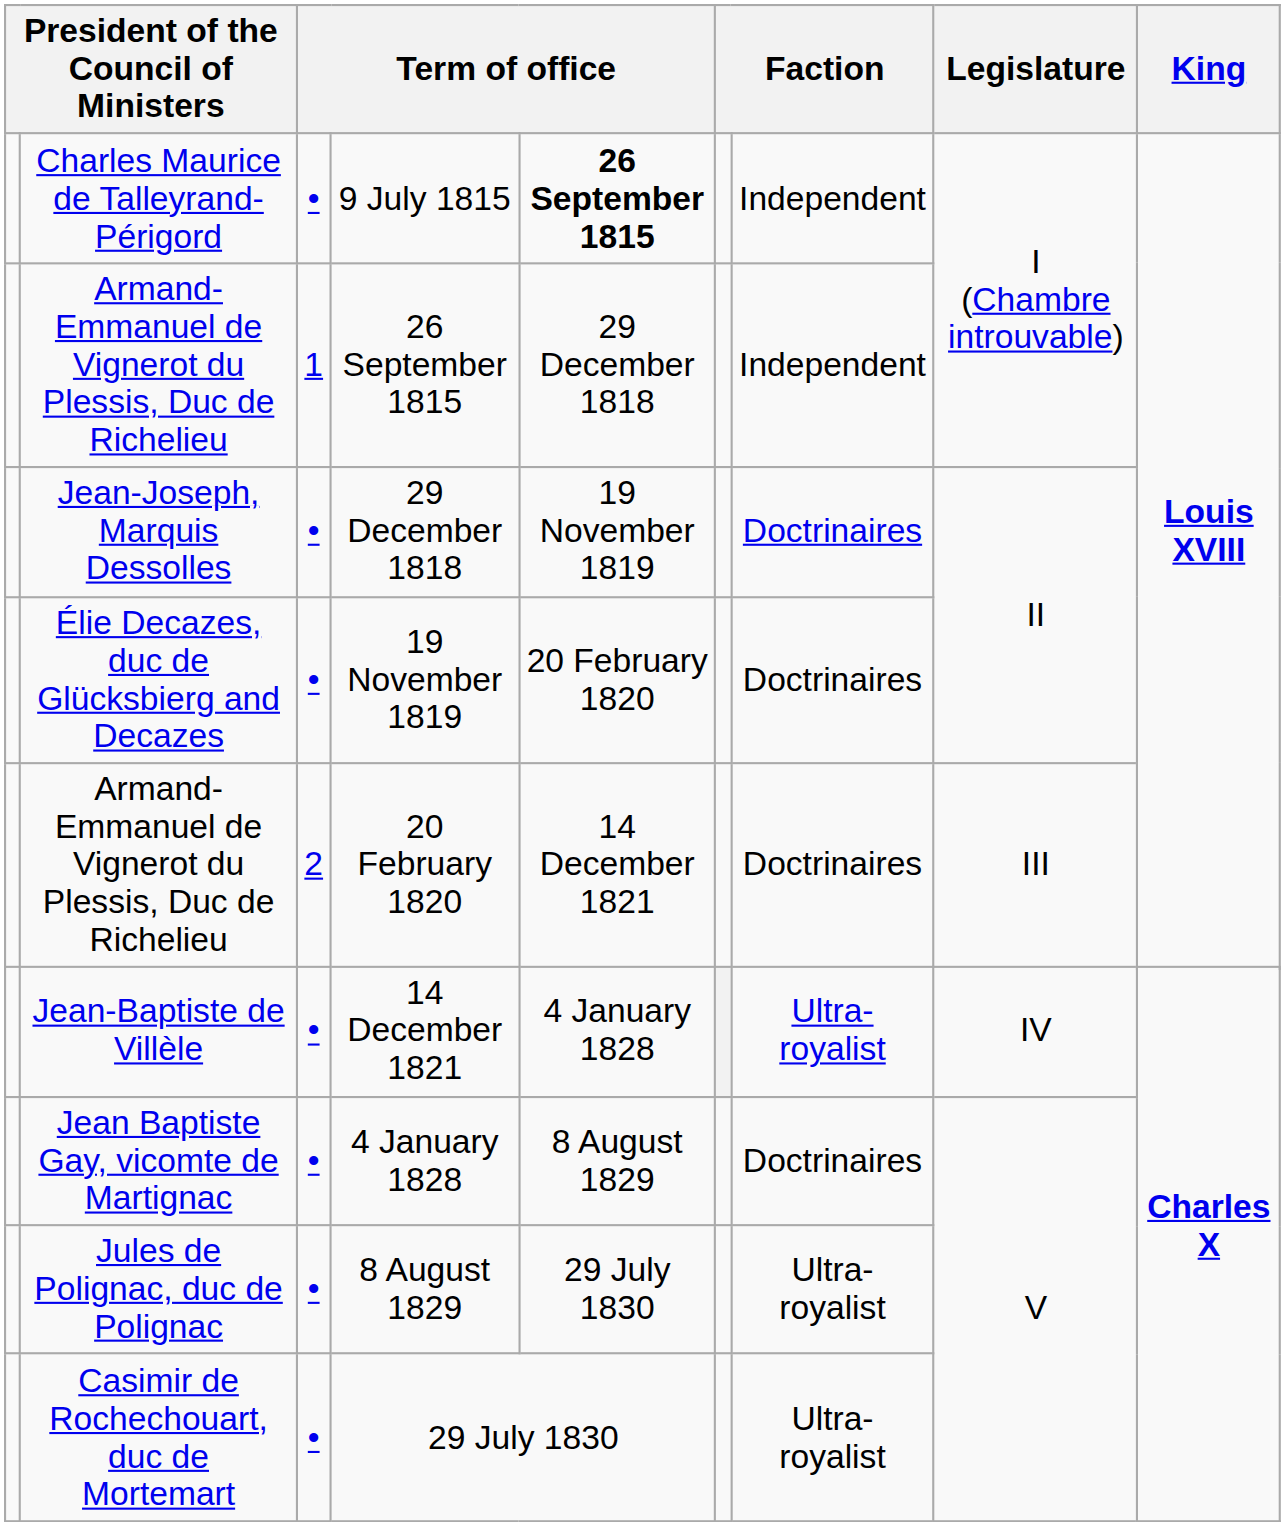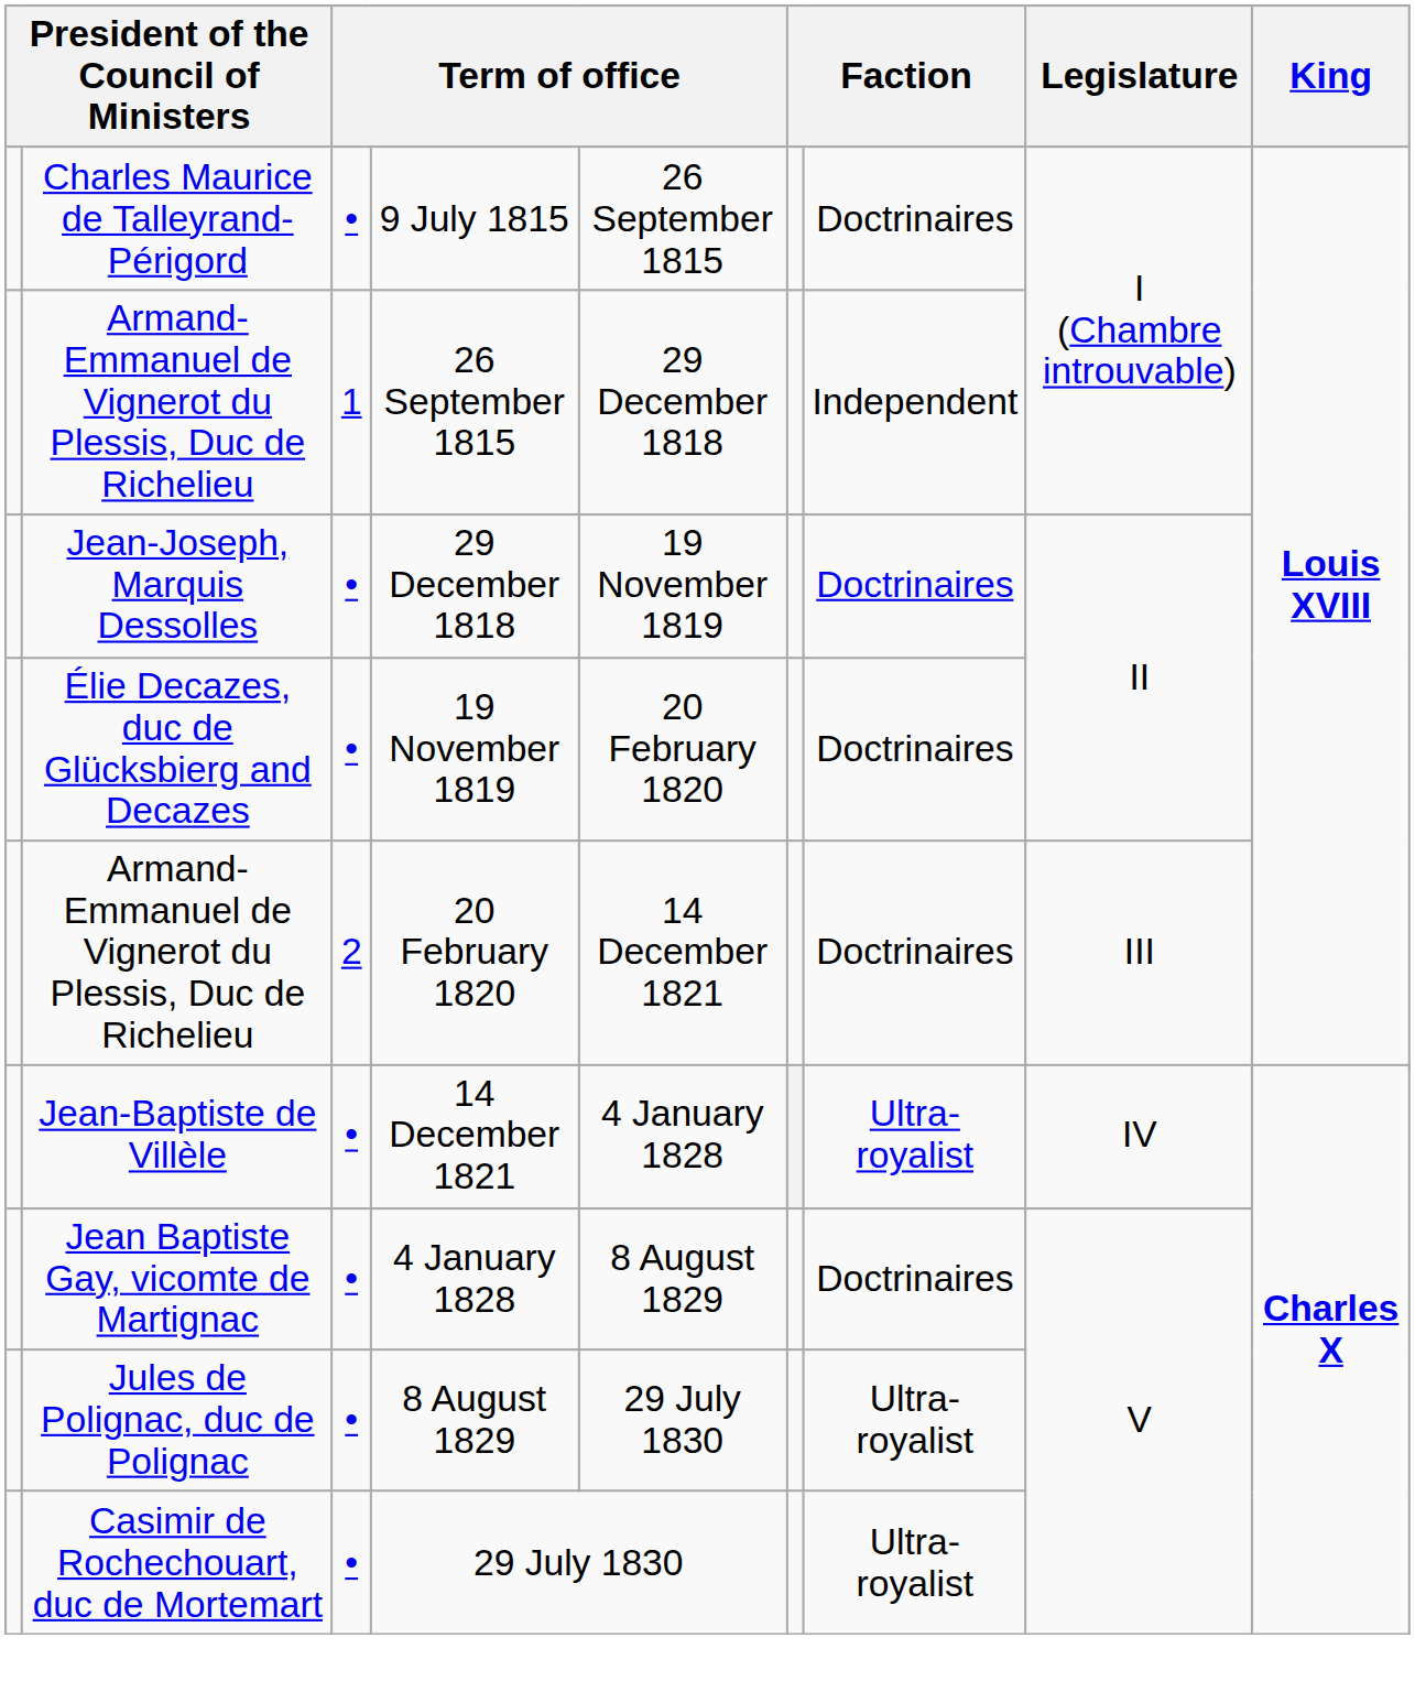 <table class="wikitable" style="text-align:center">
 <tr>
 <th colspan=2>President of the Council of Ministers<br></th>
 <th colspan=3>Term of office</th>
 <th colspan=2>Faction</th>
 <th>Legislature<br></th>
 <th><a href='#'>King</a><br></th>
 </tr>
 <tr>
 <td></td>
 <td><a href='#'>Charles Maurice de Talleyrand-Périgord</a><br></td>
 <td><a href='#'>•</a></td>
 <td>9 July 1815</td>
-<td><strong>26 September 1815</strong></td>
+<td>26 September 1815</td>
 <td style="background:"></td>
-<td>Independent</td>
+<td>Doctrinaires</td>
 <td rowspan=2>I<br>(<a href='#'>Chambre introuvable</a>)<br></td>
 <td rowspan=6><strong><a href='#'>Louis XVIII</a></strong><br><br></td>
 </tr>
 <tr>
 <td></td>
 <td><a href='#'>Armand-Emmanuel de Vignerot du Plessis, Duc de Richelieu</a><br></td>
 <td><a href='#'>1</a></td>
 <td>26 September 1815</td>
 <td>29 December 1818</td>
 <td style="background:"></td>
 <td>Independent</td>
 </tr>
 <tr>
 <td></td>
 <td><a href='#'>Jean-Joseph, Marquis Dessolles</a><br></td>
 <td><a href='#'>•</a></td>
 <td>29 December 1818</td>
 <td>19 November 1819</td>
 <td style="background:"></td>
 <td><a href='#'>Doctrinaires</a></td>
 <td rowspan=2>II<br></td>
 </tr>
 <tr>
 <td></td>
 <td><a href='#'>Élie Decazes, duc de Glücksbierg and Decazes</a><br></td>
 <td><a href='#'>•</a></td>
 <td>19 November 1819</td>
 <td>20 February 1820</td>
 <td style="background:"></td>
 <td>Doctrinaires</td>
 </tr>
 <tr>
 <td></td>
 <td>Armand-Emmanuel de Vignerot du Plessis, Duc de Richelieu<br></td>
 <td><a href='#'>2</a></td>
 <td>20 February 1820</td>
 <td>14 December 1821</td>
 <td style="background:"></td>
 <td>Doctrinaires</td>
 <td rowspan=2>III<br></td>
 </tr>
 <tr>
 <td rowspan=2></td>
 <td rowspan=2><a href='#'>Jean-Baptiste de Villèle</a><br></td>
 <td rowspan=2><a href='#'>•</a></td>
 <td rowspan=2>14 December 1821</td>
 <td rowspan=2>4 January 1828</td>
 <th rowspan=2 style="background:"></th>
 <td rowspan=2><a href='#'>Ultra-royalist</a></td>
 </tr>
 <tr>
 <td>IV<br></td>
 <td rowspan=4><strong><a href='#'>Charles X</a></strong><br><br></td>
 </tr>
 <tr>
 <td></td>
 <td><a href='#'>Jean Baptiste Gay, vicomte de Martignac</a><br></td>
 <td><a href='#'>•</a></td>
 <td>4 January 1828</td>
 <td>8 August 1829</td>
 <td style="background:"></td>
 <td>Doctrinaires</td>
 <td rowspan=3>V<br></td>
 </tr>
 <tr>
 <td></td>
 <td><a href='#'>Jules de Polignac, duc de Polignac</a><br></td>
 <td><a href='#'>•</a></td>
 <td>8 August 1829</td>
 <td>29 July 1830</td>
 <td style="background:"></td>
 <td>Ultra-royalist</td>
 </tr>
 <tr>
 <td></td>
 <td><a href='#'>Casimir de Rochechouart, duc de Mortemart</a><br></td>
 <td><a href='#'>•</a></td>
 <td colspan=2>29 July 1830</td>
 <td style="background:"></td>
 <td>Ultra-royalist</td>
 </tr>
 </table>
